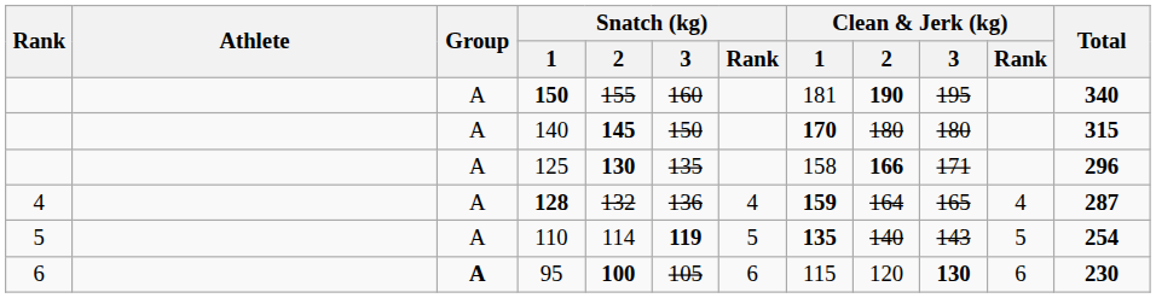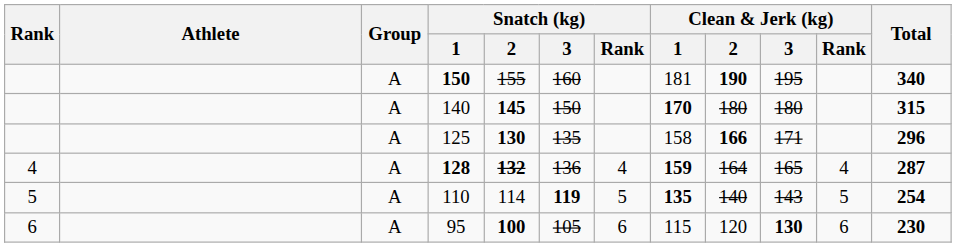 <table class = "wikitable" style="text-align:center;">
 <tr>
 <th rowspan=2 width=40>Rank</th>
 <th rowspan=2 width=250>Athlete</th>
 <th rowspan=2 width=50>Group</th>
 <th colspan=4>Snatch (kg)</th>
 <th colspan=4>Clean & Jerk (kg)</th>
 <th rowspan=2 width=60>Total</th>
 </tr>
 <tr>
 <th width=40>1</th>
 <th width=40>2</th>
 <th width=40>3</th>
 <th width=40>Rank</th>
 <th width=40>1</th>
 <th width=40>2</th>
 <th width=40>3</th>
 <th width=40>Rank</th>
 </tr>
 <tr>
 <td></td>
 <td align=left></td>
 <td>A</td>
 <td><strong>150</strong></td>
 <td><s>155</s></td>
 <td><s>160</s></td>
 <td></td>
 <td>181</td>
 <td><strong>190</strong></td>
 <td><s>195</s></td>
 <td></td>
 <td><strong>340</strong></td>
 </tr>
 <tr>
 <td></td>
 <td align=left></td>
 <td>A</td>
 <td>140</td>
 <td><strong>145</strong></td>
 <td><s>150</s></td>
 <td></td>
 <td><strong>170</strong></td>
 <td><s>180</s></td>
 <td><s>180</s></td>
 <td></td>
 <td><strong>315</strong></td>
 </tr>
 <tr>
 <td></td>
 <td align=left></td>
 <td>A</td>
 <td>125</td>
 <td><strong>130</strong></td>
 <td><s>135</s></td>
 <td></td>
 <td>158</td>
 <td><strong>166</strong></td>
 <td><s>171</s></td>
 <td></td>
 <td><strong>296</strong></td>
 </tr>
 <tr>
 <td>4</td>
 <td align=left></td>
 <td>A</td>
 <td><strong>128</strong></td>
-<td><s>132</s></td>
+<td><strong><s>132</s></strong></td>
 <td><s>136</s></td>
 <td>4</td>
 <td><strong>159</strong></td>
 <td><s>164</s></td>
 <td><s>165</s></td>
 <td>4</td>
 <td><strong>287</strong></td>
 </tr>
 <tr>
 <td>5</td>
 <td align=left></td>
 <td>A</td>
 <td>110</td>
 <td>114</td>
 <td><strong>119</strong></td>
 <td>5</td>
 <td><strong>135</strong></td>
 <td><s>140</s></td>
 <td><s>143</s></td>
 <td>5</td>
 <td><strong>254</strong></td>
 </tr>
 <tr>
 <td>6</td>
 <td align=left></td>
-<td><strong>A</strong></td>
+<td>A</td>
 <td>95</td>
 <td><strong>100</strong></td>
 <td><s>105</s></td>
 <td>6</td>
 <td>115</td>
 <td>120</td>
 <td><strong>130</strong></td>
 <td>6</td>
 <td><strong>230</strong></td>
 </tr>
 </table>
